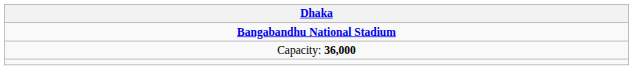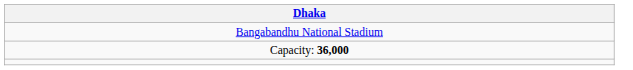 <table class="wikitable" style=text-align:center;">
 <tr>
 <th width="25%"><a href='#'>Dhaka</a></th>
 </tr>
 <tr>
-<td><strong><a href='#'>Bangabandhu National Stadium</a></strong></td>
+<td><a href='#'>Bangabandhu National Stadium</a></td>
 </tr>
 <tr>
 <td>Capacity: <strong>36,000</strong></td>
 </tr>
 <tr>
 <td></td>
 </tr>
 </table>
